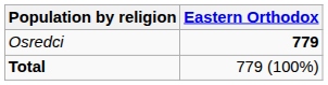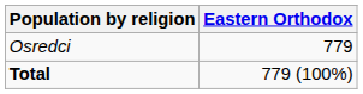 <table class="wikitable sortable">
 <tr>
 <th>Population by religion</th>
 <th><a href='#'>Eastern Orthodox</a></th>
 </tr>
 <tr>
 <td><em>Osredci</em></td>
-<td align="right"><strong>779</strong></td>
+<td align="right">779</td>
 </tr>
 <tr>
 <td><strong>Total</strong></td>
 <td align="right">779 (100%)</td>
 </tr>
 </table>
